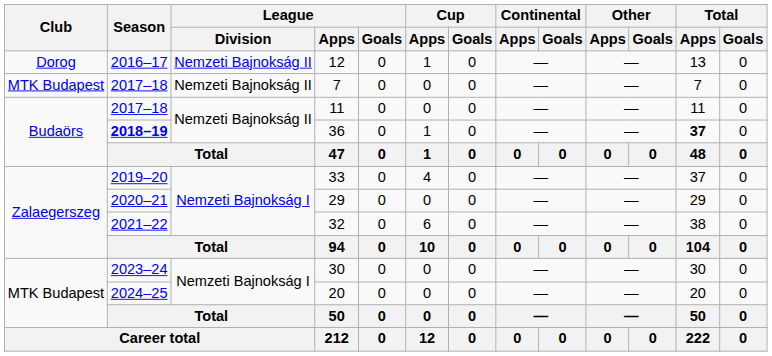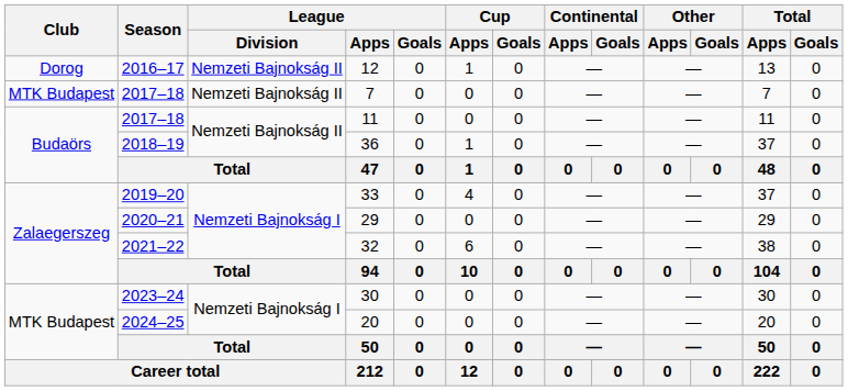 <table class="wikitable" style="text-align:center">
 <tr>
 <th rowspan="2">Club</th>
 <th rowspan="2">Season</th>
 <th colspan="3">League</th>
 <th colspan="2">Cup</th>
 <th colspan="2">Continental</th>
 <th colspan="2">Other</th>
 <th colspan="2">Total</th>
 </tr>
 <tr>
 <th>Division</th>
 <th>Apps</th>
 <th>Goals</th>
 <th>Apps</th>
 <th>Goals</th>
 <th>Apps</th>
 <th>Goals</th>
 <th>Apps</th>
 <th>Goals</th>
 <th>Apps</th>
 <th>Goals</th>
 </tr>
 <tr>
 <td><a href='#'>Dorog</a></td>
 <td><a href='#'>2016–17</a></td>
 <td><a href='#'>Nemzeti Bajnokság II</a></td>
 <td>12</td>
 <td>0</td>
 <td>1</td>
 <td>0</td>
 <td colspan="2">—</td>
 <td colspan="2">—</td>
 <td>13</td>
 <td>0</td>
 </tr>
 <tr>
 <td><a href='#'>MTK Budapest</a></td>
 <td><a href='#'>2017–18</a></td>
 <td>Nemzeti Bajnokság II</td>
 <td>7</td>
 <td>0</td>
 <td>0</td>
 <td>0</td>
 <td colspan="2">—</td>
 <td colspan="2">—</td>
 <td>7</td>
 <td>0</td>
 </tr>
 <tr>
 <td rowspan="3"><a href='#'>Budaörs</a></td>
 <td><a href='#'>2017–18</a></td>
 <td rowspan="2">Nemzeti Bajnokság II</td>
 <td>11</td>
 <td>0</td>
 <td>0</td>
 <td>0</td>
 <td colspan="2">—</td>
 <td colspan="2">—</td>
 <td>11</td>
 <td>0</td>
 </tr>
 <tr>
-<td><strong><a href='#'>2018–19</a></strong></td>
+<td><a href='#'>2018–19</a></td>
 <td>36</td>
 <td>0</td>
 <td>1</td>
 <td>0</td>
 <td colspan="2">—</td>
 <td colspan="2">—</td>
-<td><strong>37</strong></td>
+<td>37</td>
 <td>0</td>
 </tr>
 <tr>
 <th colspan="2">Total</th>
 <th>47</th>
 <th>0</th>
 <th>1</th>
 <th>0</th>
 <th>0</th>
 <th>0</th>
 <th>0</th>
 <th>0</th>
 <th>48</th>
 <th>0</th>
 </tr>
 <tr>
 <td rowspan="4"><a href='#'>Zalaegerszeg</a></td>
 <td><a href='#'>2019–20</a></td>
 <td rowspan="3"><a href='#'>Nemzeti Bajnokság I</a></td>
 <td>33</td>
 <td>0</td>
 <td>4</td>
 <td>0</td>
 <td colspan="2">—</td>
 <td colspan="2">—</td>
 <td>37</td>
 <td>0</td>
 </tr>
 <tr>
 <td><a href='#'>2020–21</a></td>
 <td>29</td>
 <td>0</td>
 <td>0</td>
 <td>0</td>
 <td colspan="2">—</td>
 <td colspan="2">—</td>
 <td>29</td>
 <td>0</td>
 </tr>
 <tr>
 <td><a href='#'>2021–22</a></td>
 <td>32</td>
 <td>0</td>
 <td>6</td>
 <td>0</td>
 <td colspan="2">—</td>
 <td colspan="2">—</td>
 <td>38</td>
 <td>0</td>
 </tr>
 <tr>
 <th colspan="2">Total</th>
 <th>94</th>
 <th>0</th>
 <th>10</th>
 <th>0</th>
 <th>0</th>
 <th>0</th>
 <th>0</th>
 <th>0</th>
 <th>104</th>
 <th>0</th>
 </tr>
 <tr>
 <td rowspan="3">MTK Budapest</td>
 <td><a href='#'>2023–24</a></td>
 <td rowspan="2">Nemzeti Bajnokság I</td>
 <td>30</td>
 <td>0</td>
 <td>0</td>
 <td>0</td>
 <td colspan="2">—</td>
 <td colspan="2">—</td>
 <td>30</td>
 <td>0</td>
 </tr>
 <tr>
 <td><a href='#'>2024–25</a></td>
 <td>20</td>
 <td>0</td>
 <td>0</td>
 <td>0</td>
 <td colspan="2">—</td>
 <td colspan="2">—</td>
 <td>20</td>
 <td>0</td>
 </tr>
 <tr>
 <th colspan="2">Total</th>
 <th>50</th>
 <th>0</th>
 <th>0</th>
 <th>0</th>
 <th colspan="2">—</th>
 <th colspan="2">—</th>
 <th>50</th>
 <th>0</th>
 </tr>
 <tr>
 <th colspan="3">Career total</th>
 <th>212</th>
 <th>0</th>
 <th>12</th>
 <th>0</th>
 <th>0</th>
 <th>0</th>
 <th>0</th>
 <th>0</th>
 <th>222</th>
 <th>0</th>
 </tr>
 </table>
